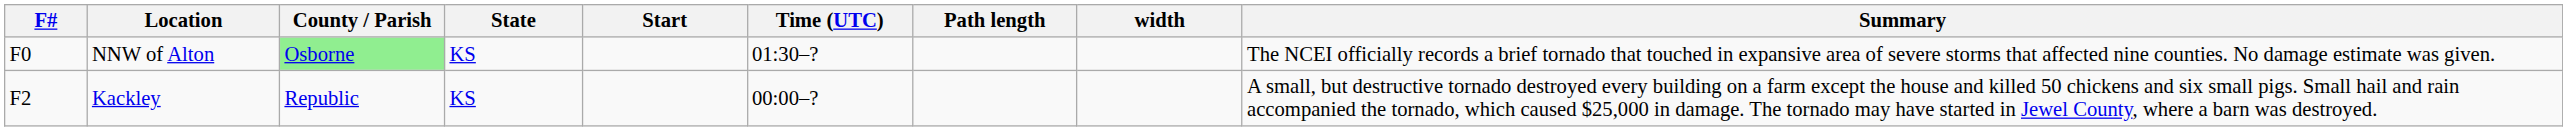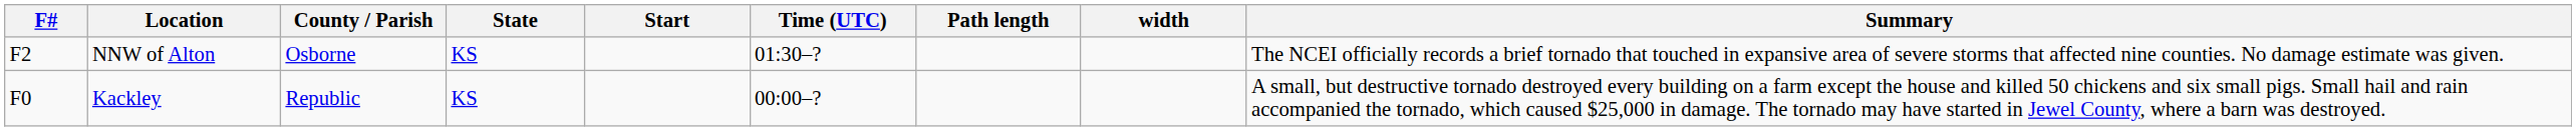 <table class="wikitable sortable" style="width:100%;">
 <tr>
 <th scope="col"  style="width:3%; text-align:center;"><a href='#'>F#</a></th>
 <th scope="col"  style="width:7%; text-align:center;" class="unsortable">Location</th>
 <th scope="col"  style="width:6%; text-align:center;" class="unsortable">County / Parish</th>
 <th scope="col"  style="width:5%; text-align:center;">State</th>
 <th scope="col"  style="width:6%; text-align:center;">Start<br></th>
 <th scope="col"  style="width:6%; text-align:center;">Time (<a href='#'>UTC</a>)</th>
 <th scope="col"  style="width:6%; text-align:center;">Path length</th>
 <th scope="col"  style="width:6%; text-align:center;"> width</th>
 <th scope="col" class="unsortable" style="width:48%; text-align:center;">Summary</th>
 </tr>
 <tr>
-<td>F0</td>
+<td>F2</td>
 <td>NNW of <a href='#'>Alton</a></td>
-<td style="background: lightgreen;"><a href='#'>Osborne</a></td>
+<td><a href='#'>Osborne</a></td>
 <td><a href='#'>KS</a></td>
 <td></td>
 <td>01:30–?</td>
 <td></td>
 <td></td>
 <td>The NCEI officially records a brief tornado that touched in expansive area of severe storms that affected nine counties. No damage estimate was given.</td>
 </tr>
 <tr>
-<td>F2</td>
+<td>F0</td>
 <td><a href='#'>Kackley</a></td>
 <td><a href='#'>Republic</a></td>
 <td><a href='#'>KS</a></td>
 <td></td>
 <td>00:00–?</td>
 <td></td>
 <td></td>
 <td>A small, but destructive tornado destroyed every building on a farm except the house and killed 50 chickens and six small pigs. Small hail and rain accompanied the tornado, which caused $25,000 in damage. The tornado may have started in <a href='#'>Jewel County</a>, where a barn was destroyed.</td>
 </tr>
 </table>
